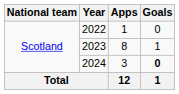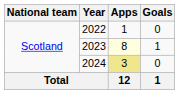 <table class="wikitable" style="text-align: center;">
 <tr>
 <th>National team</th>
 <th>Year</th>
 <th>Apps</th>
 <th>Goals</th>
 </tr>
 <tr>
 <td rowspan="3"><a href='#'>Scotland</a></td>
 <td>2022</td>
 <td>1</td>
 <td>0</td>
 </tr>
 <tr>
 <td>2023</td>
-<td>8</td>
+<td style="background: lightyellow;">8</td>
 <td>1</td>
 </tr>
 <tr>
 <td>2024</td>
-<td>3</td>
-<td><strong>0</strong></td>
+<td style="background: khaki;">3</td>
+<td>0</td>
 </tr>
 <tr>
 <th colspan="2">Total</th>
 <th>12</th>
 <th>1</th>
 </tr>
 </table>
